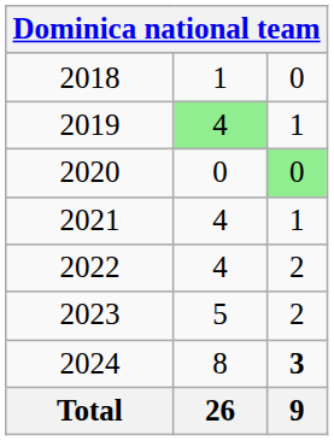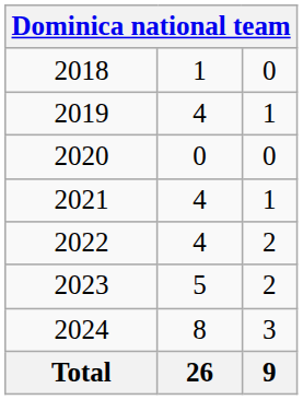 <table class="wikitable" style="text-align:center">
 <tr>
 <th colspan=3><a href='#'>Dominica national team</a></th>
 </tr>
 <tr>
 <td>2018</td>
 <td>1</td>
 <td>0</td>
 </tr>
 <tr>
 <td>2019</td>
-<td style="background: lightgreen;">4</td>
+<td>4</td>
 <td>1</td>
 </tr>
 <tr>
 <td>2020</td>
 <td>0</td>
-<td style="background: lightgreen;">0</td>
+<td>0</td>
 </tr>
 <tr>
 <td>2021</td>
 <td>4</td>
 <td>1</td>
 </tr>
 <tr>
 <td>2022</td>
 <td>4</td>
 <td>2</td>
 </tr>
 <tr>
 <td>2023</td>
 <td>5</td>
 <td>2</td>
 </tr>
 <tr>
 <td>2024</td>
 <td>8</td>
-<td><strong>3</strong></td>
+<td>3</td>
 </tr>
 <tr>
 <th>Total</th>
 <th>26</th>
 <th>9</th>
 </tr>
 </table>
